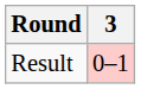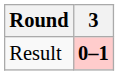 <table class="wikitable">
 <tr>
 <th>Round</th>
 <th>3</th>
 </tr>
 <tr>
 <td>Result</td>
-<td bgcolor="#FFCCCC">0–1</td>
+<td bgcolor="#FFCCCC"><strong>0–1</strong></td>
 </tr>
 </table>
